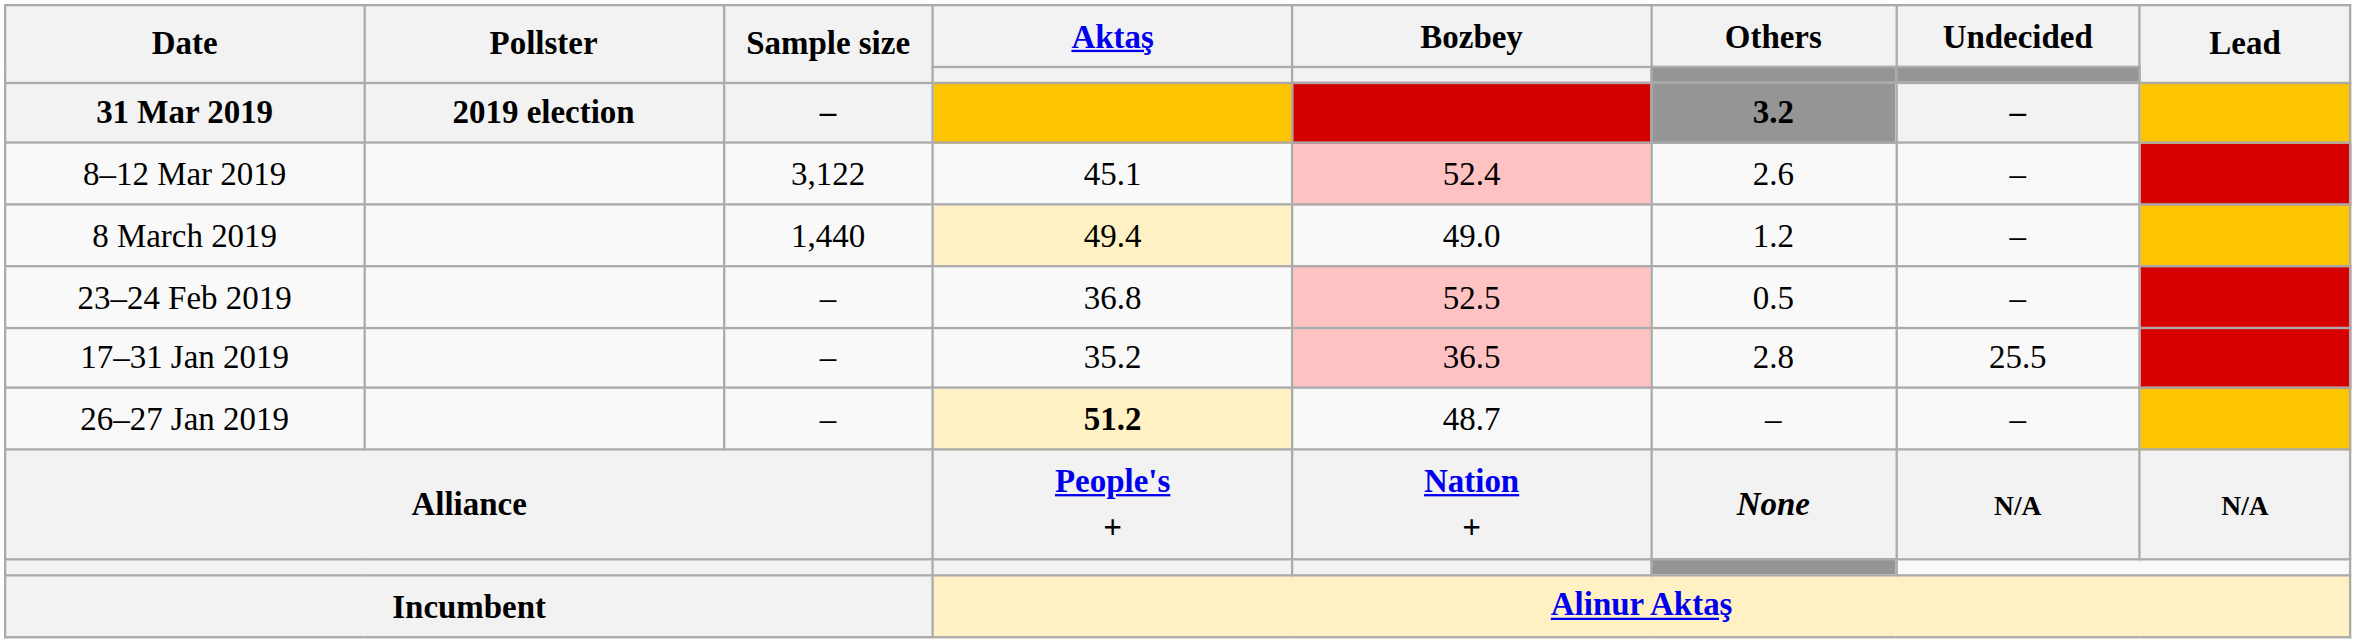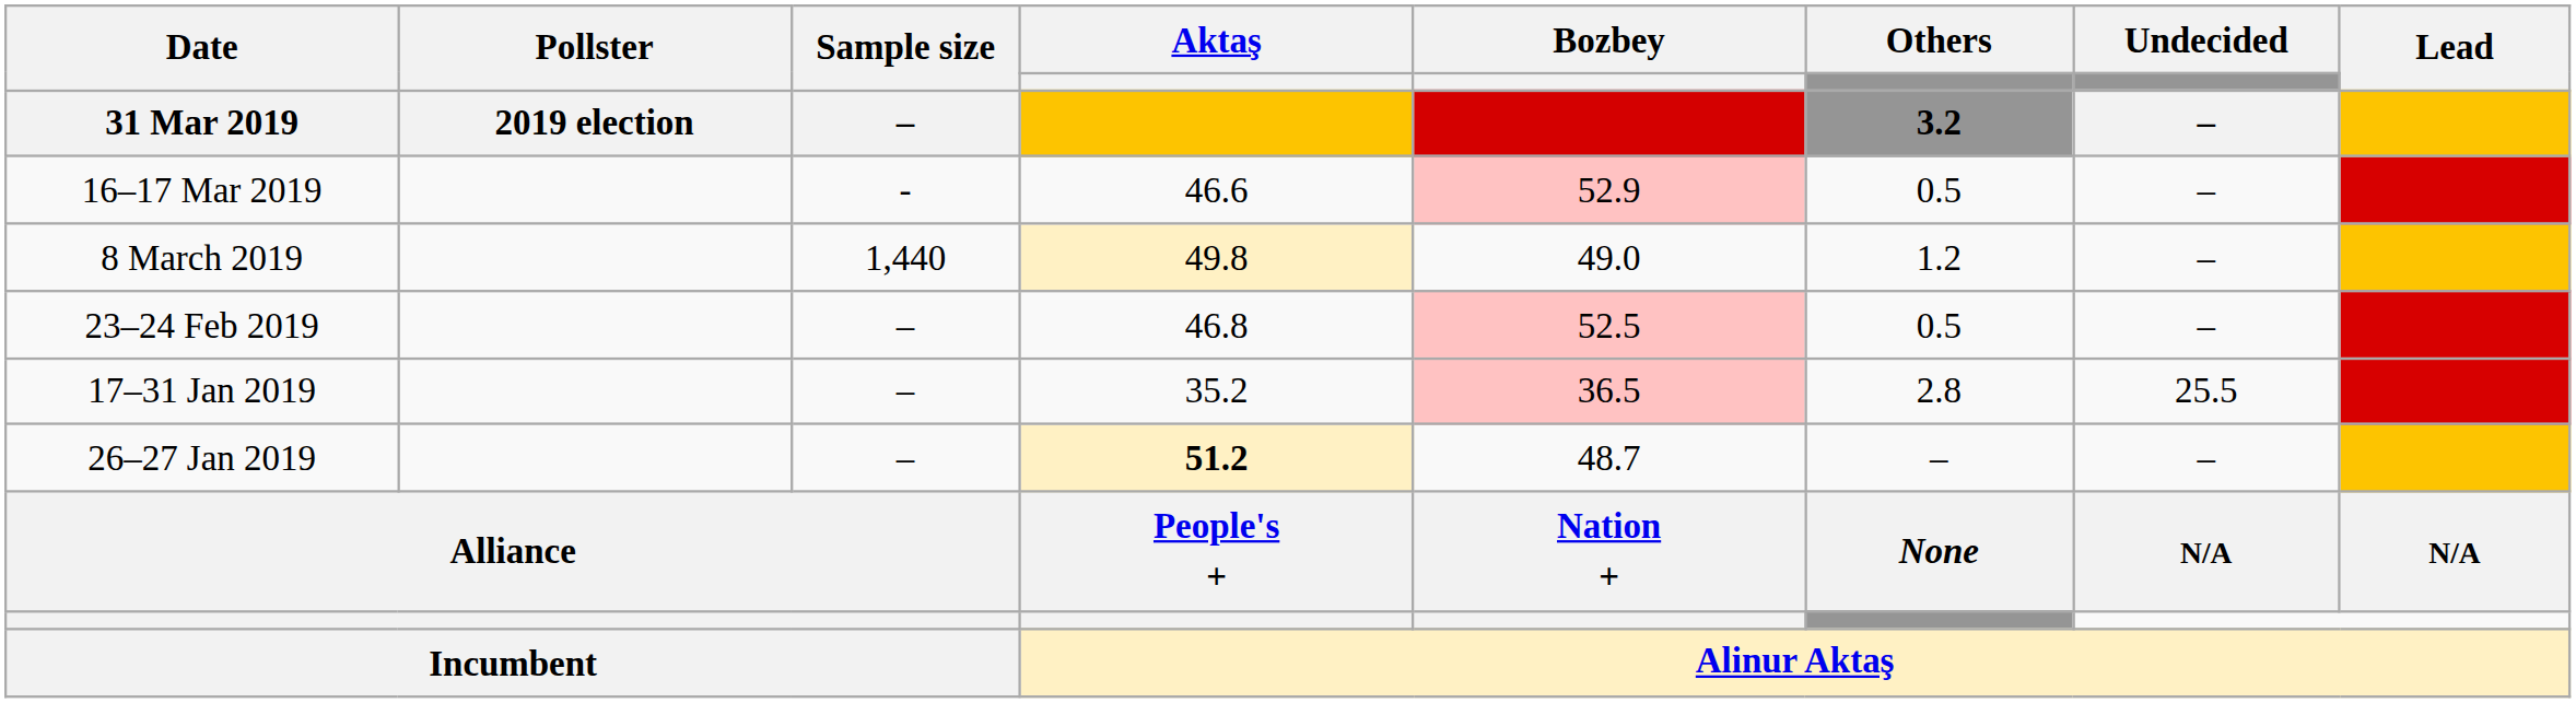 <table class="wikitable" style="text-align:center; font-size:90%; line-height:20px;">
 <tr>
 <th rowspan=2 width="150px">Date</th>
 <th rowspan=2 width="150px">Pollster</th>
 <th rowspan=2 width="85px">Sample size</th>
 <th width=150><a href='#'>Aktaş</a></th>
 <th width=150>Bozbey</th>
 <th width=100>Others</th>
 <th width=100>Undecided</th>
 <th width=85 rowspan=2>Lead</th>
 </tr>
 <tr>
 <th style="background: "></th>
 <th style="background: "></th>
 <th style="background: #959595"></th>
 <th style="background: #959595"></th>
 </tr>
 <tr>
 <th>31 Mar 2019</th>
 <th>2019 election</th>
 <th>–</th>
 <th style="background: #fdc400"></th>
 <th style="background: #d40000"></th>
 <th style="background: #959595">3.2</th>
 <th>–</th>
 <th style="background: #fdc400"></th>
 </tr>
 <tr>
-<td>8–12 Mar 2019</td>
+<td>16–17 Mar 2019</td>
 <td></td>
-<td>3,122</td>
-<td>45.1</td>
-<td style="background: #FFC2C2">52.4</td>
-<td>2.6</td>
+<td>-</td>
+<td>46.6</td>
+<td style="background:#FFC2C2">52.9</td>
+<td>0.5</td>
 <td>–</td>
 <td style="background: #d70000"></td>
 </tr>
 <tr>
 <td>8 March 2019</td>
 <td></td>
 <td>1,440</td>
-<td style="background: #FFF1C4">49.4</td>
+<td style="background: #FFF1C4">49.8</td>
 <td>49.0</td>
 <td>1.2</td>
 <td>–</td>
 <td style="background: #fdc400"></td>
 </tr>
 <tr>
 <td>23–24 Feb 2019</td>
 <td></td>
 <td>–</td>
-<td>36.8</td>
+<td>46.8</td>
 <td style="background: #FFC2C2">52.5</td>
 <td>0.5</td>
 <td>–</td>
 <td style="background: #d70000"></td>
 </tr>
 <tr>
 <td>17–31 Jan 2019</td>
 <td></td>
 <td>–</td>
 <td>35.2</td>
 <td style="background: #FFC2C2">36.5</td>
 <td>2.8</td>
 <td>25.5</td>
 <td style="background: #d70000"></td>
 </tr>
 <tr>
 <td>26–27 Jan 2019</td>
 <td></td>
 <td>–</td>
 <td style="background: #FFF1C4"><strong>51.2</strong></td>
 <td>48.7</td>
 <td>–</td>
 <td>–</td>
 <td style="background: #fdc400"></td>
 </tr>
 <tr>
 <th colspan=3>Alliance</th>
 <th width=150><a href='#'>People's</a><br><small></small> + <small></small></th>
 <th width=150><a href='#'>Nation</a><br><small></small> + <small></small></th>
 <th width=100><em>None</em></th>
 <th width=100><small>N/A</small></th>
 <th width=85><small>N/A</small></th>
 </tr>
 <tr>
 <th colspan=3></th>
 <th style="background: "></th>
 <th style="background: "></th>
 <th style="background: #959595"></th>
 </tr>
 <tr>
 <th colspan=3>Incumbent</th>
 <th style="background: #FFF1C4" colspan=5><a href='#'>Alinur Aktaş</a> <small></small></th>
 </tr>
 </table>
